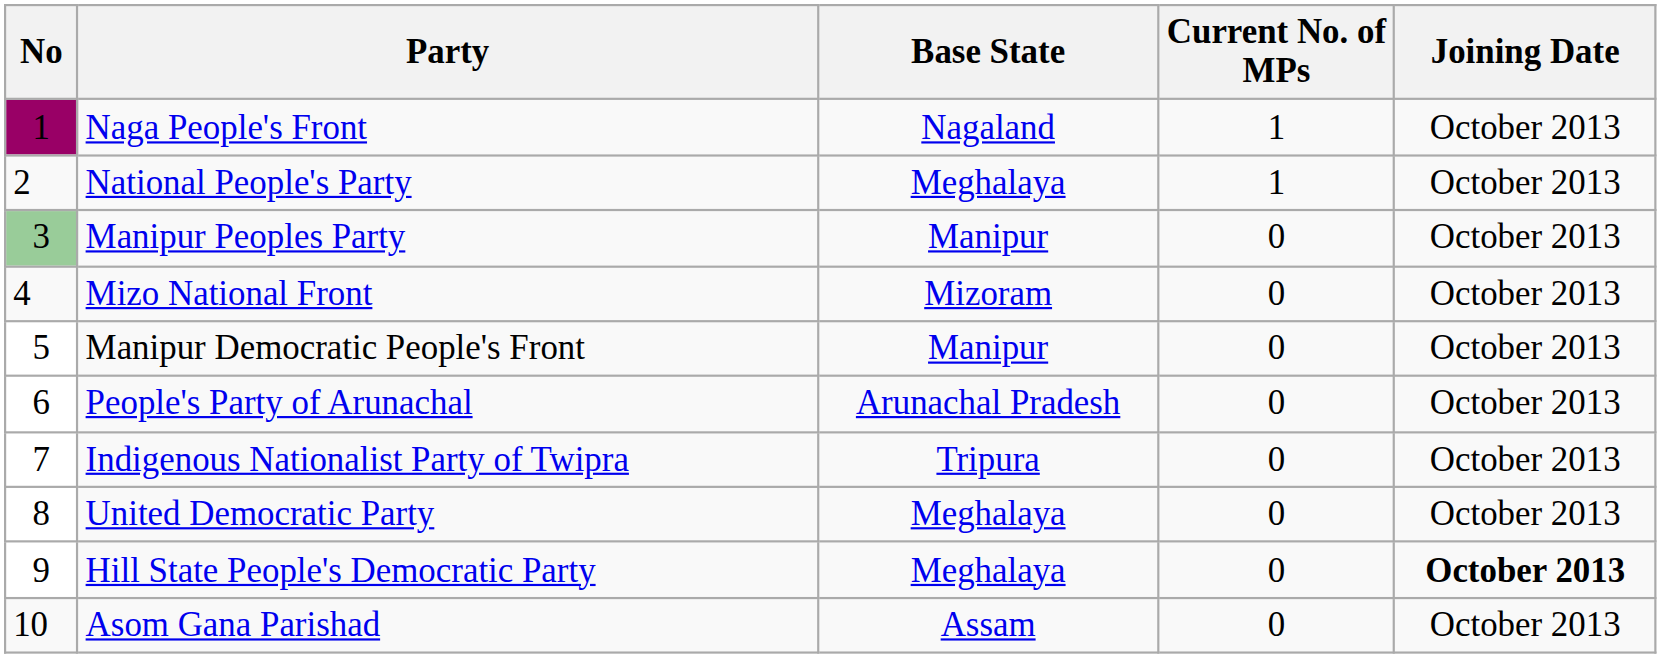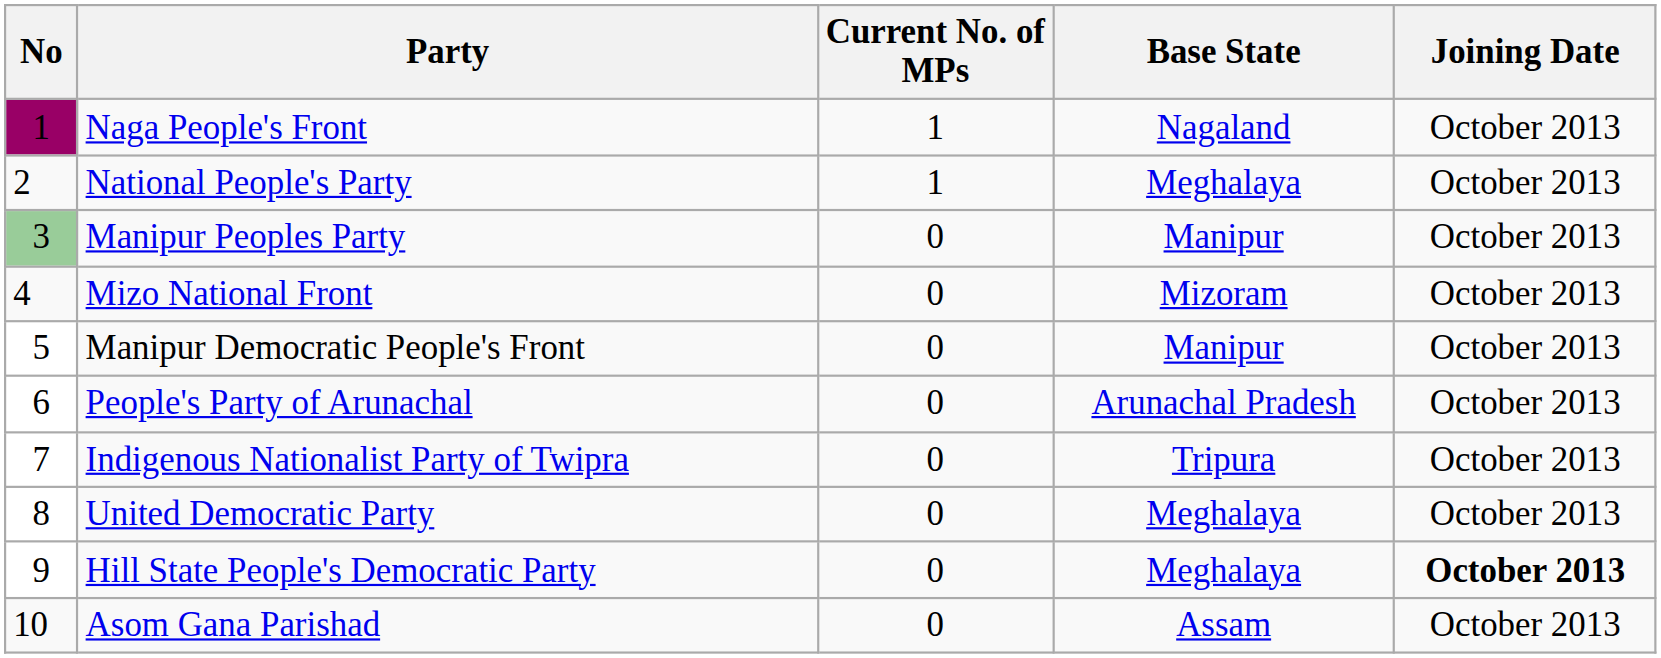 <table class="wikitable sortable" border="1" width=60%>
 <tr>
 <th width="30px">No</th>
 <th width="500px">Party</th>
+<th width="130px">Current No. of MPs</th>
 <th width="200px">Base State</th>
-<th width="130px">Current No. of MPs</th>
 <th width="150px">Joining Date</th>
 </tr>
 <tr>
 <td style="background-color:#990066; text-align: center;">1</td>
 <td><a href='#'>Naga People's Front</a></td>
+<td style="text-align: center;">1</td>
 <td style="text-align: center;"><a href='#'>Nagaland</a></td>
-<td style="text-align: center;">1</td>
 <td style="text-align: center;">October 2013</td>
 </tr>
 <tr>
 <td style="background-color:">2</td>
 <td><a href='#'>National People's Party</a></td>
+<td style="text-align: center;">1</td>
 <td style="text-align: center;"><a href='#'>Meghalaya</a></td>
-<td style="text-align: center;">1</td>
 <td style="text-align: center;">October 2013</td>
 </tr>
 <tr>
 <td style="background-color:#99CC99; text-align: center;">3</td>
 <td><a href='#'>Manipur Peoples Party</a></td>
+<td style="text-align: center;">0</td>
 <td style="text-align: center;"><a href='#'>Manipur</a></td>
-<td style="text-align: center;">0</td>
 <td style="text-align: center;">October 2013</td>
 </tr>
 <tr>
 <td style="background-color:">4</td>
 <td><a href='#'>Mizo National Front</a></td>
+<td style="text-align: center;">0</td>
 <td style="text-align: center;"><a href='#'>Mizoram</a></td>
-<td style="text-align: center;">0</td>
 <td style="text-align: center;">October 2013</td>
 </tr>
 <tr>
 <td style="background-color:white; text-align: center;">5</td>
 <td>Manipur Democratic People's Front</td>
+<td style="text-align: center;">0</td>
 <td style="text-align: center;"><a href='#'>Manipur</a></td>
-<td style="text-align: center;">0</td>
 <td style="text-align: center;">October 2013</td>
 </tr>
 <tr>
 <td style="background-color:white; text-align: center;">6</td>
 <td><a href='#'>People's Party of Arunachal</a></td>
+<td style="text-align: center;">0</td>
 <td style="text-align: center;"><a href='#'>Arunachal Pradesh</a></td>
-<td style="text-align: center;">0</td>
 <td style="text-align: center;">October 2013</td>
 </tr>
 <tr>
 <td style="background-color:white; text-align: center;">7</td>
 <td><a href='#'>Indigenous Nationalist Party of Twipra</a></td>
+<td style="text-align: center;">0</td>
 <td style="text-align: center;"><a href='#'>Tripura</a></td>
-<td style="text-align: center;">0</td>
 <td style="text-align: center;">October 2013</td>
 </tr>
 <tr>
 <td style="background-color:white; text-align: center;">8</td>
 <td><a href='#'>United Democratic Party</a></td>
+<td style="text-align: center;">0</td>
 <td style="text-align: center;"><a href='#'>Meghalaya</a></td>
-<td style="text-align: center;">0</td>
 <td style="text-align: center;">October 2013</td>
 </tr>
 <tr>
 <td style="background-color:white; text-align: center;">9</td>
 <td><a href='#'>Hill State People's Democratic Party</a></td>
+<td style="text-align: center;">0</td>
 <td style="text-align: center;"><a href='#'>Meghalaya</a></td>
-<td style="text-align: center;">0</td>
 <td style="text-align: center;"><strong>October 2013</strong></td>
 </tr>
 <tr>
 <td style="background-color:">10</td>
 <td><a href='#'>Asom Gana Parishad</a></td>
+<td style="text-align: center;">0</td>
 <td style="text-align: center;"><a href='#'>Assam</a></td>
-<td style="text-align: center;">0</td>
 <td style="text-align: center;">October 2013</td>
 </tr>
 </table>
